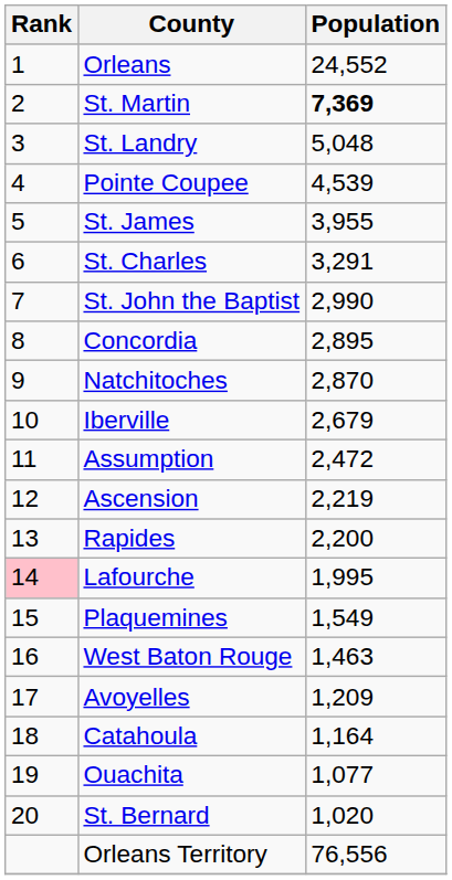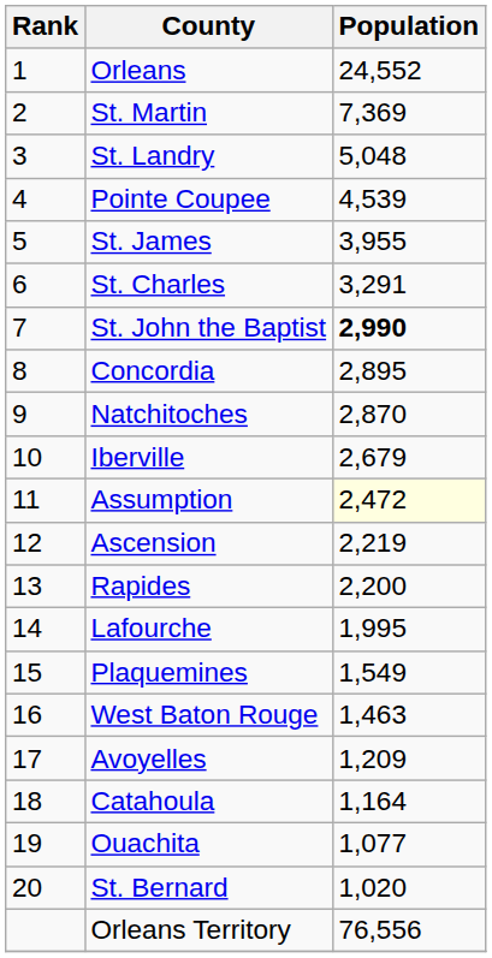 <table class=wikitable sortable>
 <tr>
 <th>Rank</th>
 <th>County</th>
 <th>Population</th>
 </tr>
 <tr>
 <td>1</td>
 <td><a href='#'>Orleans</a></td>
 <td>24,552</td>
 </tr>
 <tr>
 <td>2</td>
 <td><a href='#'>St. Martin</a></td>
-<td><strong>7,369</strong></td>
+<td>7,369</td>
 </tr>
 <tr>
 <td>3</td>
 <td><a href='#'>St. Landry</a></td>
 <td>5,048</td>
 </tr>
 <tr>
 <td>4</td>
 <td><a href='#'>Pointe Coupee</a></td>
 <td>4,539</td>
 </tr>
 <tr>
 <td>5</td>
 <td><a href='#'>St. James</a></td>
 <td>3,955</td>
 </tr>
 <tr>
 <td>6</td>
 <td><a href='#'>St. Charles</a></td>
 <td>3,291</td>
 </tr>
 <tr>
 <td>7</td>
 <td><a href='#'>St. John the Baptist</a></td>
-<td>2,990</td>
+<td><strong>2,990</strong></td>
 </tr>
 <tr>
 <td>8</td>
 <td><a href='#'>Concordia</a></td>
 <td>2,895</td>
 </tr>
 <tr>
 <td>9</td>
 <td><a href='#'>Natchitoches</a></td>
 <td>2,870</td>
 </tr>
 <tr>
 <td>10</td>
 <td><a href='#'>Iberville</a></td>
 <td>2,679</td>
 </tr>
 <tr>
 <td>11</td>
 <td><a href='#'>Assumption</a></td>
-<td>2,472</td>
+<td style="background: lightyellow;">2,472</td>
 </tr>
 <tr>
 <td>12</td>
 <td><a href='#'>Ascension</a></td>
 <td>2,219</td>
 </tr>
 <tr>
 <td>13</td>
 <td><a href='#'>Rapides</a></td>
 <td>2,200</td>
 </tr>
 <tr>
-<td style="background: pink;">14</td>
+<td>14</td>
 <td><a href='#'>Lafourche</a></td>
 <td>1,995</td>
 </tr>
 <tr>
 <td>15</td>
 <td><a href='#'>Plaquemines</a></td>
 <td>1,549</td>
 </tr>
 <tr>
 <td>16</td>
 <td><a href='#'>West Baton Rouge</a></td>
 <td>1,463</td>
 </tr>
 <tr>
 <td>17</td>
 <td><a href='#'>Avoyelles</a></td>
 <td>1,209</td>
 </tr>
 <tr>
 <td>18</td>
 <td><a href='#'>Catahoula</a></td>
 <td>1,164</td>
 </tr>
 <tr>
 <td>19</td>
 <td><a href='#'>Ouachita</a></td>
 <td>1,077</td>
 </tr>
 <tr>
 <td>20</td>
 <td><a href='#'>St. Bernard</a></td>
 <td>1,020</td>
 </tr>
 <tr>
 <td></td>
 <td>Orleans Territory</td>
 <td>76,556</td>
 </tr>
 <tr>
 </tr>
 </table>
